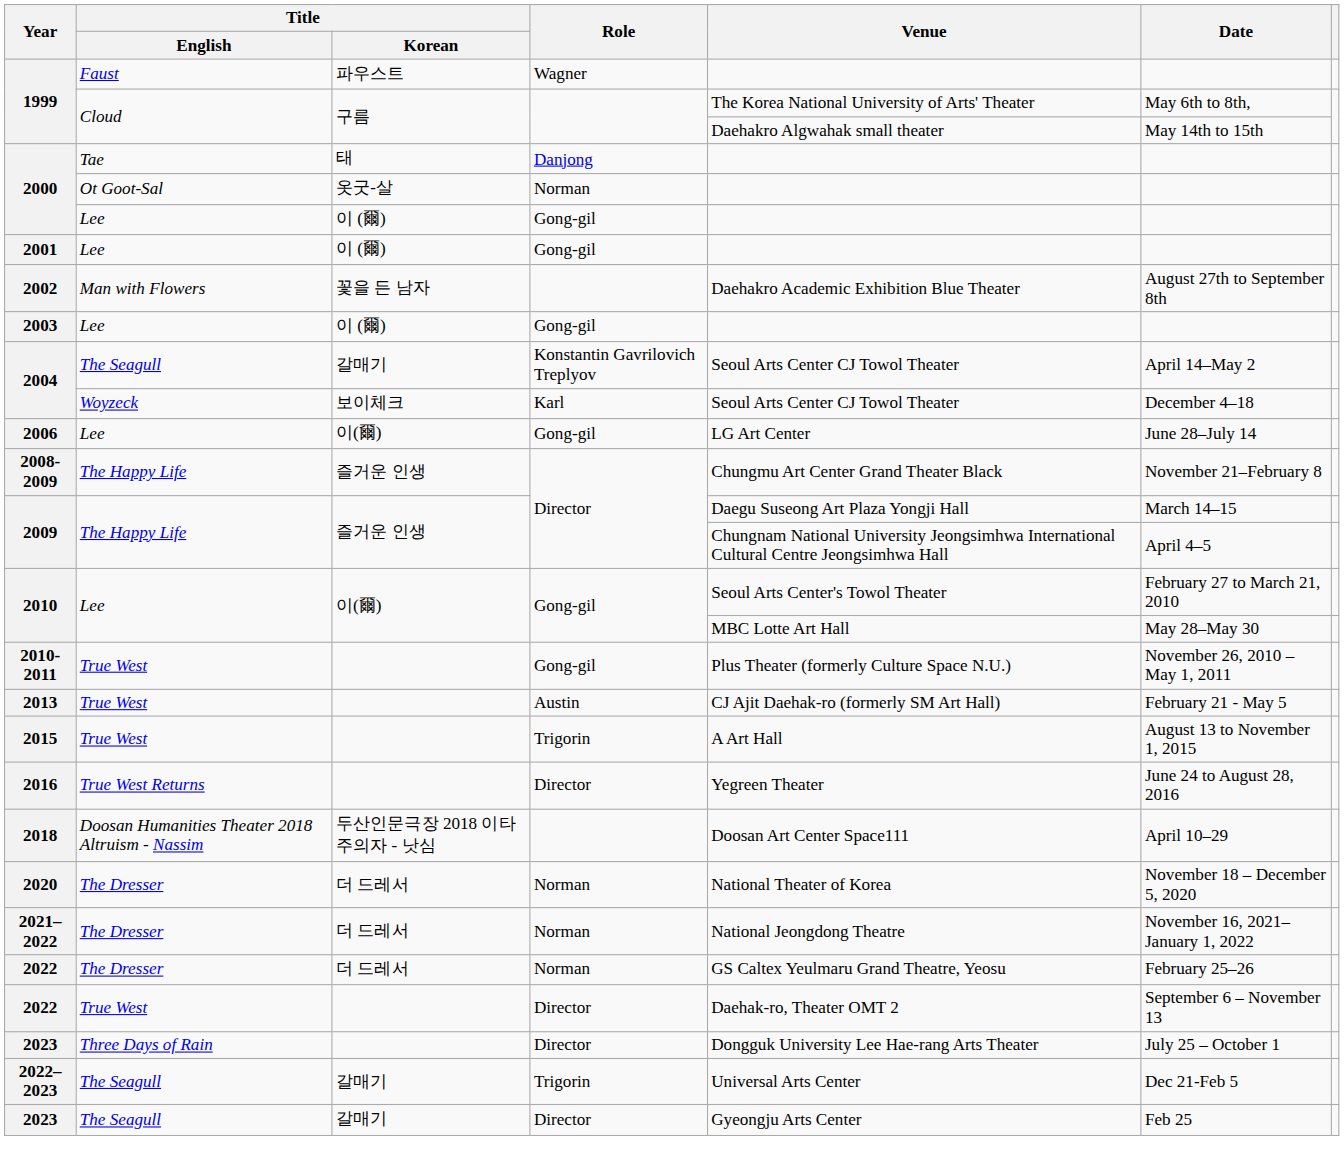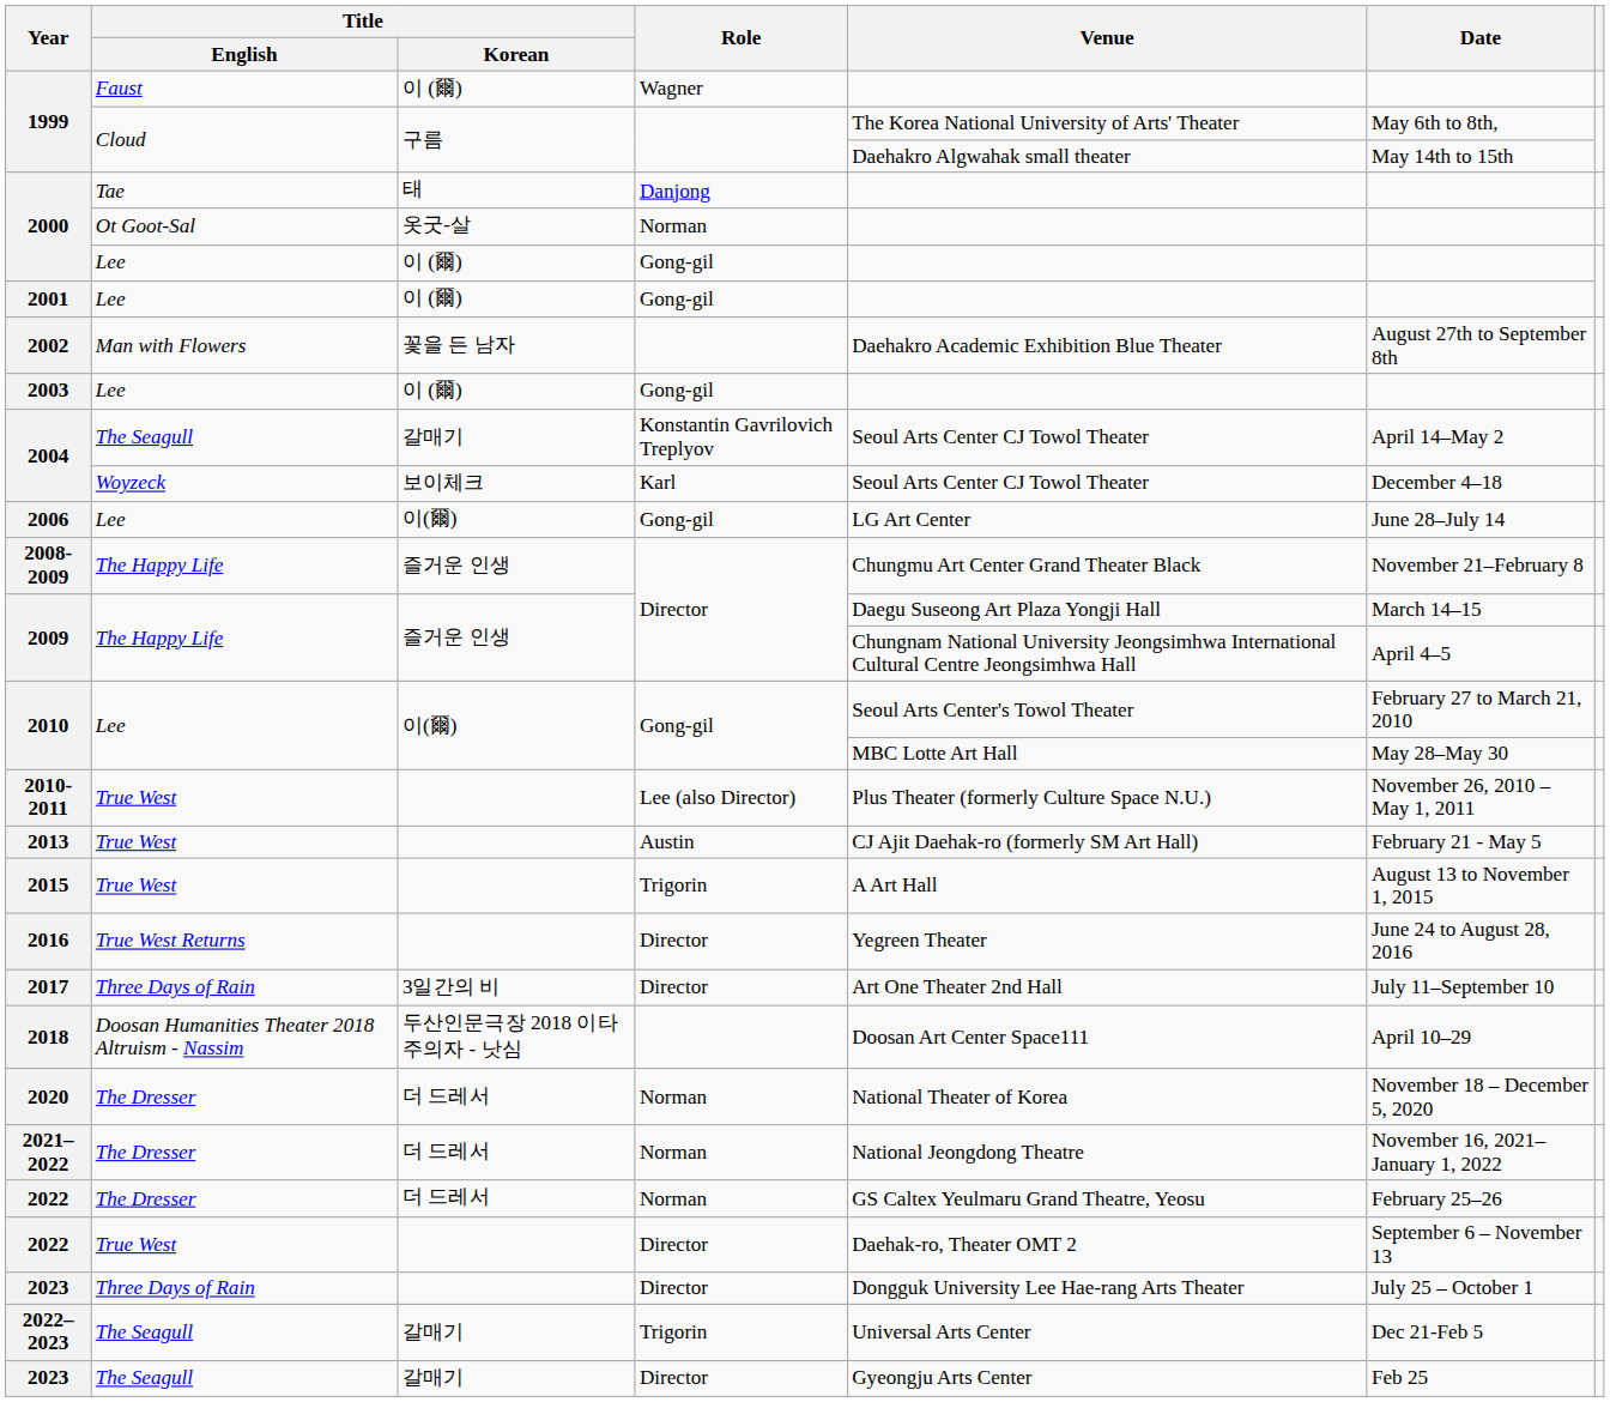 <table class="wikitable sortable plainrowheaders" style="text-align:left; font-size:100%;">
 <tr>
 <th scope="col" rowspan="2">Year</th>
 <th scope="col" colspan="2">Title</th>
 <th scope="col" rowspan="2">Role</th>
 <th scope="col" rowspan="2" class="unsortable">Venue</th>
 <th scope="col" rowspan="2">Date</th>
 <th rowspan="2" scope="col" class="unsortable"></th>
 </tr>
 <tr>
 <th>English</th>
 <th>Korean</th>
 </tr>
 <tr>
 <th rowspan="3" scope="row">1999</th>
 <td><em><a href='#'>Faust</a></em></td>
-<td>파우스트</td>
+<td>이 (爾)</td>
 <td>Wagner</td>
 <td></td>
 <td></td>
 <td></td>
 </tr>
 <tr>
 <td rowspan="2"><em>Cloud</em></td>
 <td rowspan="2">구름</td>
 <td rowspan="2"></td>
 <td>The Korea National University of Arts' Theater</td>
 <td>May 6th to 8th,</td>
 <td rowspan="2"></td>
 </tr>
 <tr>
 <td>Daehakro Algwahak small theater</td>
 <td>May 14th to 15th</td>
 </tr>
 <tr>
 <th scope="row" rowspan="3">2000</th>
 <td><em>Tae</em></td>
 <td>태</td>
 <td><a href='#'>Danjong</a></td>
 <td></td>
 <td></td>
 <td></td>
 </tr>
 <tr>
 <td><em>Ot Goot-Sal</em></td>
 <td>옷굿-살</td>
 <td>Norman</td>
 <td></td>
 <td></td>
 <td></td>
 </tr>
 <tr>
 <td><em>Lee</em></td>
 <td>이 (爾)</td>
 <td>Gong-gil</td>
 <td></td>
 <td></td>
 <td rowspan="2"></td>
 </tr>
 <tr>
 <th scope="row">2001</th>
 <td><em>Lee</em></td>
 <td>이 (爾)</td>
 <td>Gong-gil</td>
 <td></td>
 <td></td>
 </tr>
 <tr>
 <th scope="row">2002</th>
 <td><em>Man with Flowers</em></td>
 <td>꽃을 든 남자</td>
 <td></td>
 <td>Daehakro Academic Exhibition Blue Theater</td>
 <td>August 27th to September 8th</td>
 <td></td>
 </tr>
 <tr>
 <th scope="row">2003</th>
 <td><em>Lee</em></td>
 <td>이 (爾)</td>
 <td>Gong-gil</td>
 <td></td>
 <td></td>
 <td></td>
 </tr>
 <tr>
 <th scope="row" rowspan="2">2004</th>
 <td><em><a href='#'>The Seagull</a></em></td>
 <td>갈매기</td>
 <td>Konstantin Gavrilovich Treplyov</td>
 <td>Seoul Arts Center CJ Towol Theater</td>
 <td>April 14–May 2</td>
 <td></td>
 </tr>
 <tr>
 <td><em><a href='#'>Woyzeck</a></em></td>
 <td>보이체크</td>
 <td>Karl</td>
 <td>Seoul Arts Center CJ Towol Theater</td>
 <td>December 4–18</td>
 <td></td>
 </tr>
 <tr>
 <th scope="row">2006</th>
 <td><em>Lee</em></td>
 <td>이(爾)</td>
 <td>Gong-gil</td>
 <td>LG Art Center</td>
 <td>June 28–July 14</td>
 <td></td>
 </tr>
 <tr>
 <th scope="row">2008-2009</th>
 <td><em><a href='#'>The Happy Life</a></em></td>
 <td>즐거운 인생</td>
 <td rowspan="3">Director</td>
 <td>Chungmu Art Center Grand Theater Black</td>
 <td>November 21–February 8</td>
 <td></td>
 </tr>
 <tr>
 <th rowspan="2" scope="row">2009</th>
 <td rowspan="2"><em><a href='#'>The Happy Life</a></em></td>
 <td rowspan="2">즐거운 인생</td>
 <td>Daegu Suseong Art Plaza Yongji Hall</td>
 <td>March 14–15</td>
 <td></td>
 </tr>
 <tr>
 <td>Chungnam National University Jeongsimhwa International Cultural Centre Jeongsimhwa Hall</td>
 <td>April 4–5</td>
 <td></td>
 </tr>
 <tr>
 <th rowspan="2" scope="row">2010</th>
 <td rowspan="2"><em>Lee</em></td>
 <td rowspan="2">이(爾)</td>
 <td rowspan="2">Gong-gil</td>
 <td>Seoul Arts Center's Towol Theater</td>
 <td>February 27 to March 21, 2010</td>
 <td></td>
 </tr>
 <tr>
 <td>MBC Lotte Art Hall</td>
 <td>May 28–May 30</td>
 <td></td>
 </tr>
 <tr>
 <th scope="row">2010-2011</th>
 <td><em><a href='#'>True West</a></em></td>
 <td></td>
-<td>Gong-gil</td>
+<td>Lee (also Director)</td>
 <td>Plus Theater (formerly Culture Space N.U.)</td>
 <td>November 26, 2010 – May 1, 2011</td>
 <td></td>
 </tr>
 <tr>
 <th scope="row">2013</th>
 <td><em><a href='#'>True West</a></em></td>
 <td></td>
 <td>Austin</td>
 <td>CJ Ajit Daehak-ro (formerly SM Art Hall)</td>
 <td>February 21 - May 5</td>
 <td></td>
 </tr>
 <tr>
 <th scope="row">2015</th>
 <td><em><a href='#'>True West</a></em></td>
 <td></td>
 <td>Trigorin</td>
 <td>A Art Hall</td>
 <td>August 13 to November 1, 2015</td>
 <td Style="text-align:center;"></td>
 </tr>
 <tr>
 <th scope="row">2016</th>
 <td><em><a href='#'>True West Returns</a></em></td>
 <td></td>
 <td>Director</td>
 <td>Yegreen Theater</td>
 <td>June 24 to August 28, 2016</td>
 <td style="text-align:center;"></td>
+</tr>
+<tr>
+<th scope="row">2017</th>
+<td><em><a href='#'>Three Days of Rain</a></em></td>
+<td>3일간의 비</td>
+<td>Director</td>
+<td>Art One Theater 2nd Hall</td>
+<td>July 11–September 10</td>
+<td></td>
 </tr>
 <tr>
 <th scope="row">2018</th>
 <td><em>Doosan Humanities Theater 2018 Altruism - <a href='#'>Nassim</a></em></td>
 <td>두산인문극장 2018 이타주의자 - 낫심</td>
 <td></td>
 <td>Doosan Art Center Space111</td>
 <td>April 10–29</td>
 <td></td>
 </tr>
 <tr>
 <th scope="row">2020</th>
 <td><em><a href='#'>The Dresser</a></em></td>
 <td>더 드레서</td>
 <td>Norman</td>
 <td>National Theater of Korea</td>
 <td>November 18 – December 5, 2020</td>
 <td></td>
 </tr>
 <tr>
 <th scope="row">2021–2022</th>
 <td><em><a href='#'>The Dresser</a></em></td>
 <td>더 드레서</td>
 <td>Norman</td>
 <td>National Jeongdong Theatre</td>
 <td>November 16, 2021–January 1, 2022</td>
 <td></td>
 </tr>
 <tr>
 <th scope="row">2022</th>
 <td><em><a href='#'>The Dresser</a></em></td>
 <td>더 드레서</td>
 <td>Norman</td>
 <td>GS Caltex Yeulmaru Grand Theatre, Yeosu</td>
 <td>February 25–26</td>
 <td></td>
 </tr>
 <tr>
 <th scope="row">2022</th>
 <td><em><a href='#'>True West</a></em></td>
 <td></td>
 <td>Director</td>
 <td>Daehak-ro, Theater OMT 2</td>
 <td>September 6 – November 13</td>
 <td></td>
 </tr>
 <tr>
 <th scope="row">2023</th>
 <td><em><a href='#'>Three Days of Rain</a></em></td>
 <td></td>
 <td>Director</td>
 <td>Dongguk University Lee Hae-rang Arts Theater</td>
 <td>July 25 – October 1</td>
 <td></td>
 </tr>
 <tr>
 <th scope="row">2022–2023</th>
 <td><em><a href='#'>The Seagull</a></em></td>
 <td>갈매기</td>
 <td>Trigorin</td>
 <td>Universal Arts Center</td>
 <td>Dec 21-Feb 5</td>
 <td></td>
 </tr>
 <tr>
 <th scope="row">2023</th>
 <td><em><a href='#'>The Seagull</a></em></td>
 <td>갈매기</td>
 <td>Director</td>
 <td>Gyeongju Arts Center</td>
 <td>Feb 25</td>
 <td></td>
 </tr>
 </table>
